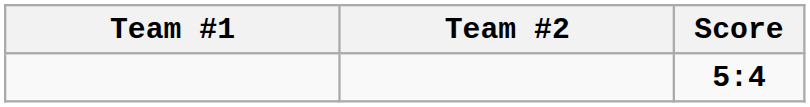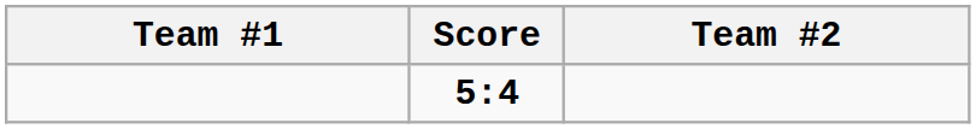 <table class="wikitable" style="text-align:center;">
 <tr>
 <th width=140>Team #1</th>
+<th width=50>Score</th>
 <th width=140>Team #2</th>
-<th width=50>Score</th>
 </tr>
 <tr>
 <td style="text-align:right;"></td>
+<td><strong>5:4</strong></td>
 <td style="text-align:left;"></td>
-<td><strong>5:4</strong></td>
 </tr>
 </table>
